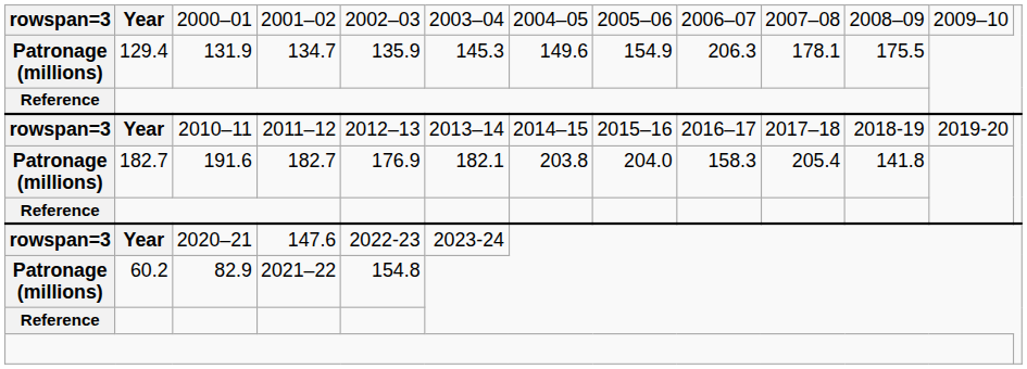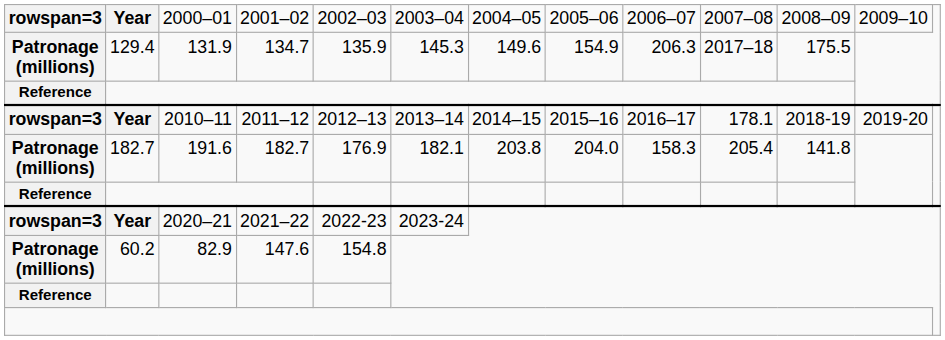 <table class="wikitable" style="text-align:right; white-space:nowrap;">
 <tr>
 <th>rowspan=3 </th>
 <th>Year</th>
 <td>2000–01</td>
 <td>2001–02</td>
 <td>2002–03</td>
 <td>2003–04</td>
 <td>2004–05</td>
 <td>2005–06</td>
 <td>2006–07</td>
 <td>2007–08</td>
 <td>2008–09</td>
 <td>2009–10</td>
 </tr>
 <tr style="vertical-align: top;">
 <th>Patronage<br><span>(millions)</span></th>
 <td>129.4</td>
 <td>131.9</td>
 <td>134.7</td>
 <td>135.9</td>
 <td>145.3<br></td>
 <td>149.6<br></td>
 <td>154.9</td>
 <td>206.3</td>
-<td>178.1</td>
+<td>2017–18</td>
 <td>175.5</td>
 </tr>
 <tr style="font-size:85%">
 <th>Reference</th>
 <td colspan="10"><br></td>
 </tr>
 <tr style="border-top:2px solid">
 <th>rowspan=3 </th>
 <th>Year</th>
 <td>2010–11</td>
 <td>2011–12</td>
 <td>2012–13</td>
 <td>2013–14</td>
 <td>2014–15</td>
 <td>2015–16</td>
 <td>2016–17</td>
-<td>2017–18</td>
+<td>178.1</td>
 <td>2018-19</td>
 <td>2019-20</td>
 <td rowspan="3" colspan="2"></td>
 </tr>
 <tr style="vertical-align: top;">
 <th>Patronage<br><span>(millions)</span></th>
 <td>182.7</td>
 <td>191.6</td>
 <td>182.7</td>
 <td>176.9</td>
 <td>182.1</td>
 <td>203.8</td>
 <td>204.0</td>
 <td>158.3</td>
 <td>205.4</td>
 <td>141.8<br></td>
 </tr>
 <tr style="font-size:85%">
 <th>Reference</th>
 <td colspan="3"><br></td>
 <td><br></td>
 <td><br></td>
 <td><br></td>
 <td><br></td>
 <td><br></td>
 <td><br></td>
 <td><br></td>
 </tr>
 <tr style="border-top:2px solid">
 <th>rowspan=3 </th>
 <th>Year</th>
 <td>2020–21</td>
-<td>147.6 <br></td>
+<td>2021–22</td>
 <td>2022-23</td>
 <td>2023-24</td>
 </tr>
 <tr style="vertical-align: top;">
 <th>Patronage<br><span>(millions)</span></th>
 <td>60.2 <br></td>
 <td>82.9 <br></td>
-<td>2021–22</td>
+<td>147.6 <br></td>
 <td>154.8</td>
 </tr>
 <tr style="font-size:85%">
 <th>Reference<br></th>
 <td><br></td>
 <td><br></td>
 <td><br></td>
 <td></td>
 </tr>
 <tr>
 <td colspan="12" style="text-align:center;"><br></td>
 </tr>
 </table>
